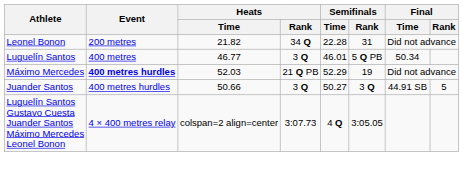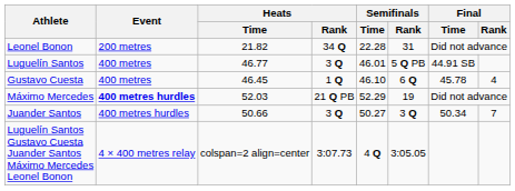 <table class=wikitable style="font-size:90%;">
 <tr>
 <th rowspan="2">Athlete</th>
 <th rowspan="2">Event</th>
 <th colspan="2">Heats</th>
 <th colspan="2">Semifinals</th>
 <th colspan="2">Final</th>
 </tr>
 <tr>
 <th>Time</th>
 <th>Rank</th>
 <th>Time</th>
 <th>Rank</th>
 <th>Time</th>
 <th>Rank</th>
 </tr>
 <tr style="border-top: single;">
 <td><a href='#'>Leonel Bonon</a></td>
 <td><a href='#'>200 metres</a></td>
 <td align=center>21.82</td>
 <td align=center>34 <strong>Q</strong></td>
 <td align=center>22.28</td>
 <td align=center>31</td>
 <td colspan= 2>Did not advance</td>
 </tr>
 <tr style="border-top: single;">
 <td><a href='#'>Luguelín Santos</a></td>
 <td><a href='#'>400 metres</a></td>
 <td align=center>46.77</td>
 <td align=center>3 <strong>Q</strong></td>
 <td align=center>46.01</td>
 <td align=center>5 <strong>Q</strong> PB</td>
-<td align=center>50.34</td>
+<td align=center>44.91 SB</td>
 <td align=center></td>
+</tr>
+<tr style="border-top: single;">
+<td><a href='#'>Gustavo Cuesta</a></td>
+<td><a href='#'>400 metres</a></td>
+<td align=center>46.45</td>
+<td align=center>1 <strong>Q</strong></td>
+<td align=center>46.10</td>
+<td align=center>6 <strong>Q</strong></td>
+<td align=center>45.78</td>
+<td align=center>4</td>
 </tr>
 <tr style="border-top: single;">
 <td><a href='#'>Máximo Mercedes</a></td>
 <td><strong><a href='#'>400 metres hurdles</a></strong></td>
 <td align=center>52.03</td>
 <td align=center>21 <strong>Q</strong> PB</td>
 <td align=center>52.29</td>
 <td align=center>19</td>
 <td colspan= 2 align=center>Did not advance</td>
 </tr>
 <tr style="border-top: single;">
 <td><a href='#'>Juander Santos</a></td>
 <td><a href='#'>400 metres hurdles</a></td>
 <td align=center>50.66</td>
 <td align=center>3 <strong>Q</strong></td>
 <td align=center>50.27</td>
 <td align=center>3 <strong>Q</strong></td>
-<td align=center>44.91 SB</td>
-<td align=center>5</td>
+<td align=center>50.34</td>
+<td align=center>7</td>
 </tr>
 <tr style="border-top: single;">
 <td><a href='#'>Luguelín Santos</a><br><a href='#'>Gustavo Cuesta</a><br><a href='#'>Juander Santos</a><br><a href='#'>Máximo Mercedes</a><br><a href='#'>Leonel Bonon</a></td>
 <td><a href='#'>4 × 400 metres relay</a></td>
 <td>colspan=2 align=center </td>
 <td align=center>3:07.73</td>
 <td align=center>4 <strong>Q</strong></td>
 <td align=center>3:05.05</td>
 <td align=center></td>
 </tr>
 </table>
